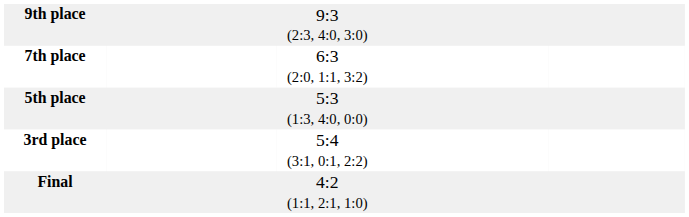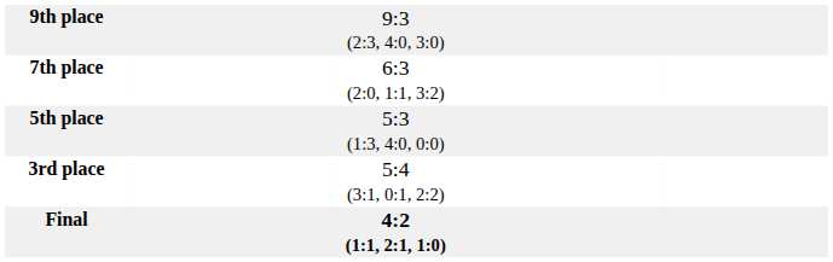 <table style="width: 70%; background: #F0F0F0;" cellspacing="0">
 <tr valign="top">
 <td align="center" width="15%" style="font-size:90%;"><strong>9th place</strong></td>
 <td width="25%" align="right"></td>
 <td width="15%" align="center">9:3<br><small>(2:3, 4:0, 3:0)</small></td>
 <td width="25%" align="left"></td>
 <td style="font-size:85%;"></td>
 </tr>
 <tr style="background: #FFFFFF;" valign="top">
 <td align="center" style="font-size:90%;"><strong>7th place</strong></td>
 <td align="right"></td>
 <td align="center">6:3<br><small>(2:0, 1:1, 3:2)</small></td>
 <td align="left"></td>
 <td style="font-size:85%;"></td>
 </tr>
 <tr valign="top">
 <td align="center" width="15%" style="font-size:90%;"><strong>5th place</strong></td>
 <td width="25%" align="right"></td>
 <td width="15%" align="center">5:3<br><small>(1:3, 4:0, 0:0)</small></td>
 <td width="25%" align="left"></td>
 <td style="font-size:85%;"></td>
 </tr>
 <tr style="background: #FFFFFF;" valign="top">
 <td align="center" style="font-size:90%;"><strong>3rd place</strong></td>
 <td align="right"></td>
 <td align="center">5:4<br><small>(3:1, 0:1, 2:2)</small></td>
 <td align="left"></td>
 <td style="font-size:85%;"></td>
 </tr>
 <tr valign="top">
 <td align="center" style="font-size:90%;"><strong>Final</strong></td>
 <td align="right"></td>
-<td align="center">4:2<br><small>(1:1, 2:1, 1:0)</small></td>
+<td align="center"><strong>4:2<br><small>(1:1, 2:1, 1:0)</small></strong></td>
 <td align="left"></td>
 <td style="font-size:85%;"></td>
 </tr>
 </table>
